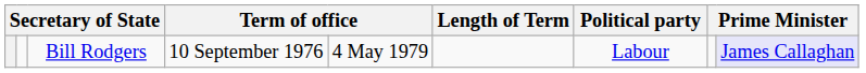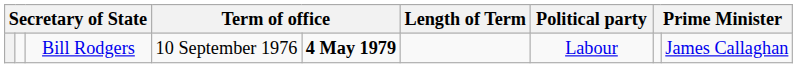 <table class="wikitable" style="text-align:center">
 <tr>
 <th colspan=3>Secretary of State</th>
 <th colspan=2>Term of office</th>
 <th>Length of Term</th>
 <th>Political party</th>
 <th colspan=2>Prime Minister</th>
 </tr>
 <tr style="height:1em">
 <th style="background-color:"></th>
 <td></td>
 <td><a href='#'>Bill Rodgers</a></td>
 <td>10 September 1976</td>
-<td>4 May 1979</td>
+<td><strong>4 May 1979</strong></td>
 <td></td>
 <td width=100><a href='#'>Labour</a></td>
 <td style="background-color:"></td>
-<td style="background: lavender;"><a href='#'>James Callaghan</a></td>
+<td><a href='#'>James Callaghan</a></td>
 </tr>
 </table>
